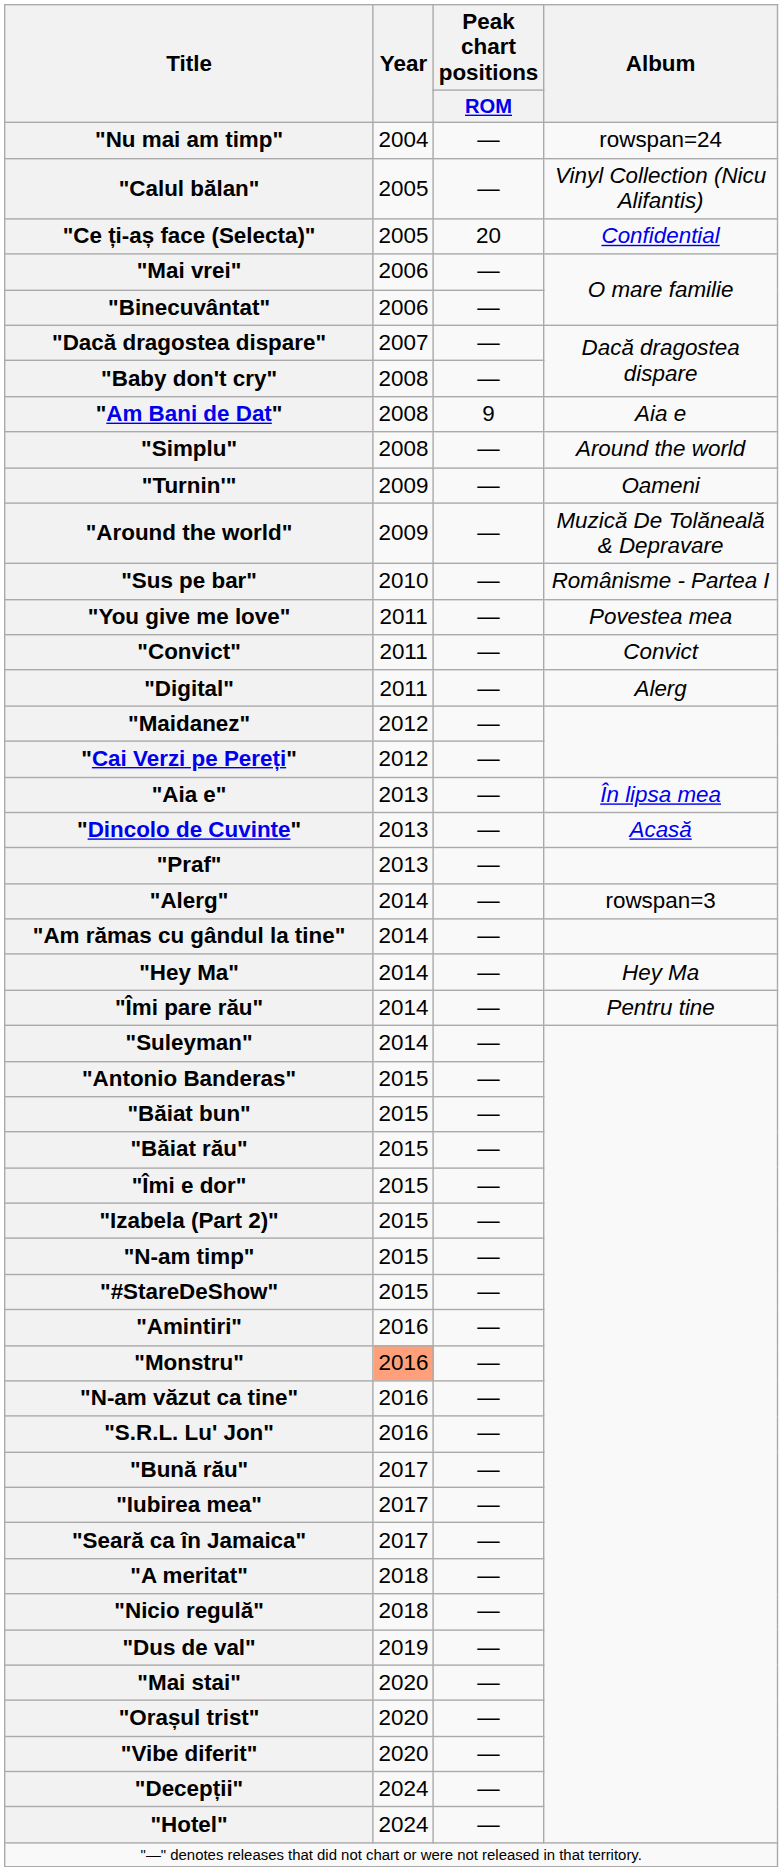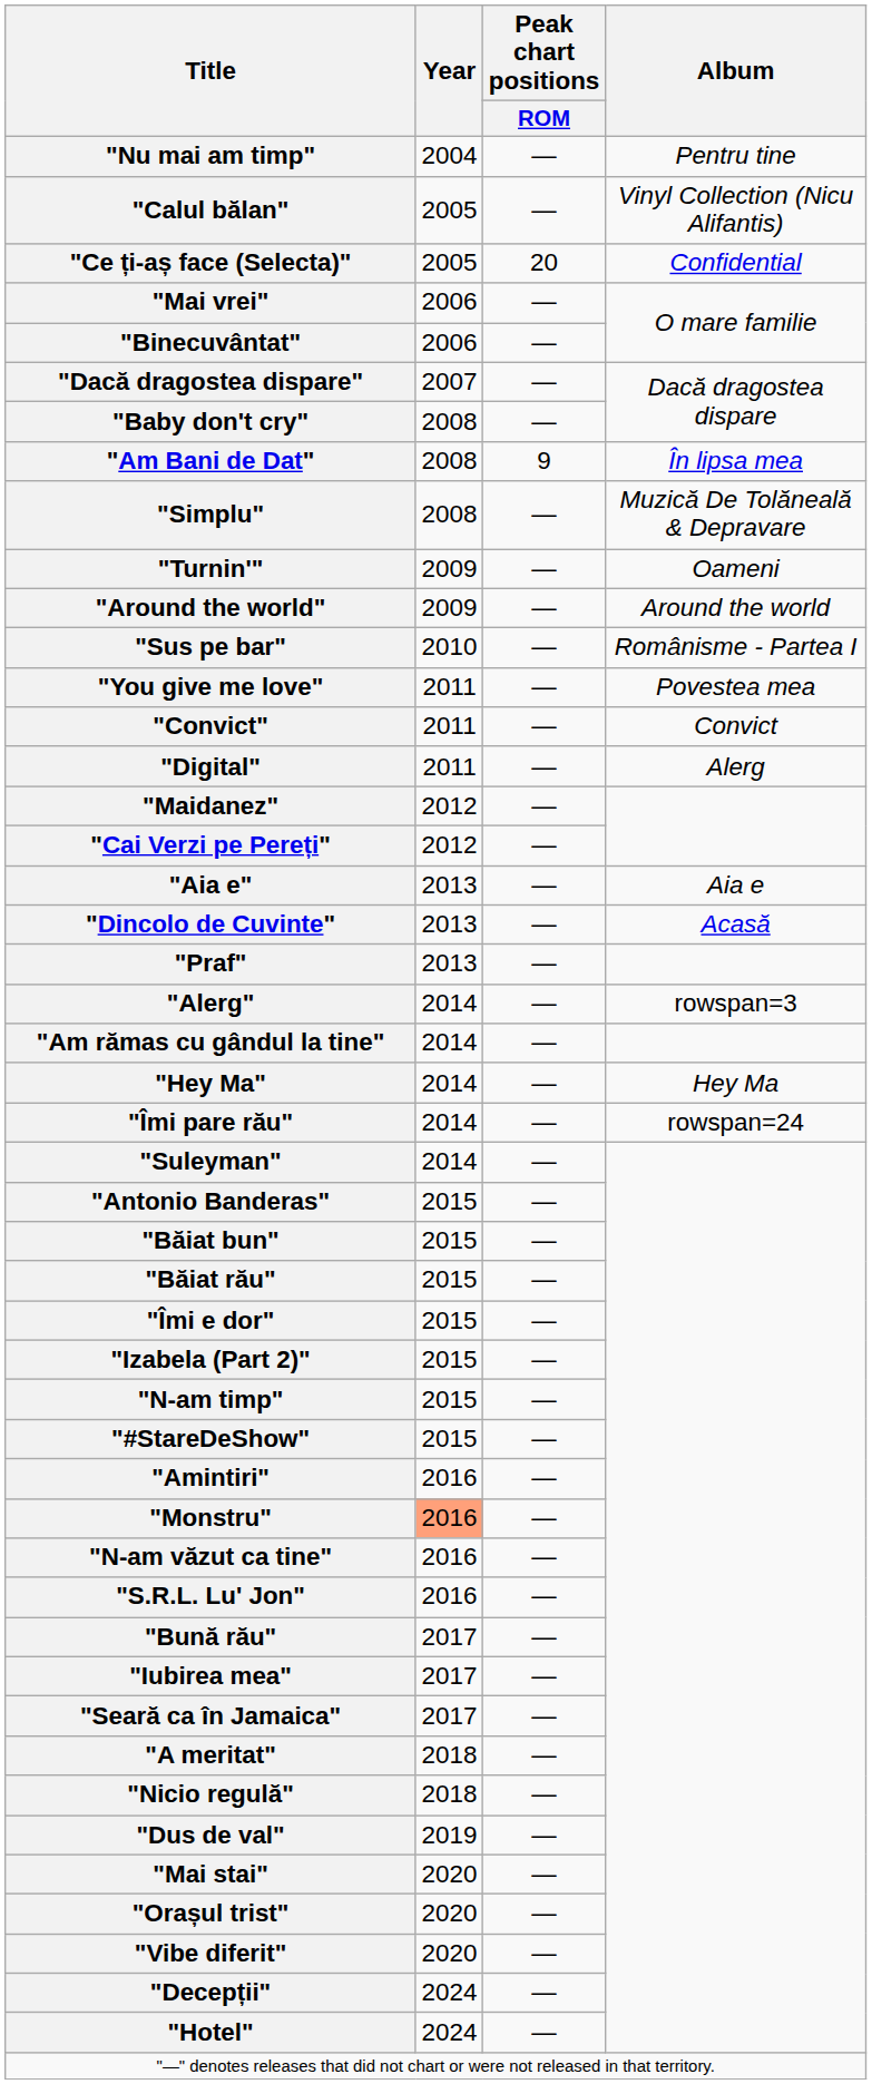 <table class="wikitable plainrowheaders" style="text-align:center;">
 <tr>
 <th scope="col" rowspan="2" style="width:16em;">Title</th>
 <th scope="col" rowspan="2">Year</th>
 <th scope="col" colspan="1">Peak chart positions</th>
 <th scope="col" rowspan="2" style="width:10em;">Album</th>
 </tr>
 <tr>
 <th scope="col" style="width:2.5em;font-size:90%;"><a href='#'>ROM</a></th>
 </tr>
 <tr>
 <th scope="row">"Nu mai am timp"<br></th>
 <td>2004</td>
 <td>—</td>
-<td>rowspan=24 </td>
+<td><em>Pentru tine</em></td>
 </tr>
 <tr>
 <th scope="row">"Calul bălan"<br></th>
 <td>2005</td>
 <td>—</td>
 <td><em>Vinyl Collection (Nicu Alifantis)</em></td>
 </tr>
 <tr>
 <th scope="row">"Ce ți-aș face (Selecta)"<br></th>
 <td>2005</td>
 <td>20</td>
 <td><em><a href='#'>Confidential</a></em></td>
 </tr>
 <tr>
 <th scope="row">"Mai vrei"<br></th>
 <td>2006</td>
 <td>—</td>
 <td rowspan=2><em>O mare familie</em></td>
 </tr>
 <tr>
 <th scope="row">"Binecuvântat"<br></th>
 <td>2006</td>
 <td>—</td>
 </tr>
 <tr>
 <th scope="row">"Dacă dragostea dispare"<br></th>
 <td>2007</td>
 <td>—</td>
 <td rowspan=2><em>Dacă dragostea dispare</em></td>
 </tr>
 <tr>
 <th scope="row">"Baby don't cry"<br></th>
 <td>2008</td>
 <td>—</td>
 </tr>
 <tr>
 <th scope="row">"<a href='#'>Am Bani de Dat</a>"<br></th>
 <td>2008</td>
 <td>9</td>
-<td><em>Aia e</em></td>
+<td><em><a href='#'>În lipsa mea</a></em></td>
 </tr>
 <tr>
 <th scope="row">"Simplu"<br></th>
 <td>2008</td>
 <td>—</td>
-<td><em>Around the world</em></td>
+<td><em>Muzică De Tolăneală & Depravare</em></td>
 </tr>
 <tr>
 <th scope="row">"Turnin'"<br></th>
 <td>2009</td>
 <td>—</td>
 <td><em>Oameni</em></td>
 </tr>
 <tr>
 <th scope="row">"Around the world"<br></th>
 <td>2009</td>
 <td>—</td>
-<td><em>Muzică De Tolăneală & Depravare</em></td>
+<td><em>Around the world</em></td>
 </tr>
 <tr>
 <th scope="row">"Sus pe bar"<br></th>
 <td>2010</td>
 <td>—</td>
 <td><em>Românisme - Partea I</em></td>
 </tr>
 <tr>
 <th scope="row">"You give me love"<br></th>
 <td>2011</td>
 <td>—</td>
 <td><em>Povestea mea</em></td>
 </tr>
 <tr>
 <th scope="row">"Convict"<br></th>
 <td>2011</td>
 <td>—</td>
 <td><em>Convict</em></td>
 </tr>
 <tr>
 <th scope="row">"Digital"<br></th>
 <td>2011</td>
 <td>—</td>
 <td><em>Alerg</em></td>
 </tr>
 <tr>
 <th scope="row">"Maidanez"<br></th>
 <td>2012</td>
 <td>—</td>
 </tr>
 <tr>
 <th scope="row">"<a href='#'>Cai Verzi pe Pereți</a>"<br></th>
 <td>2012</td>
 <td>—</td>
 </tr>
 <tr>
 <th scope="row">"Aia e"<br></th>
 <td>2013</td>
 <td>—</td>
-<td><em><a href='#'>În lipsa mea</a></em></td>
+<td><em>Aia e</em></td>
 </tr>
 <tr>
 <th scope="row">"<a href='#'>Dincolo de Cuvinte</a>"<br></th>
 <td>2013</td>
 <td>—</td>
 <td><em><a href='#'>Acasă</a></em></td>
 </tr>
 <tr>
 <th scope="row">"Praf"<br></th>
 <td>2013</td>
 <td>—</td>
 <td></td>
 </tr>
 <tr>
 <th scope="row">"Alerg"<br></th>
 <td>2014</td>
 <td>—</td>
 <td>rowspan=3 </td>
 </tr>
 <tr>
 <th scope="row">"Am rămas cu gândul la tine"<br></th>
 <td>2014</td>
 <td>—</td>
 <td></td>
 </tr>
 <tr>
 <th scope="row">"Hey Ma"<br></th>
 <td>2014</td>
 <td>—</td>
 <td><em>Hey Ma</em></td>
 </tr>
 <tr>
 <th scope="row">"Îmi pare rău"<br></th>
 <td>2014</td>
 <td>—</td>
-<td><em>Pentru tine</em></td>
+<td>rowspan=24 </td>
 </tr>
 <tr>
 <th scope="row">"Suleyman"<br></th>
 <td>2014</td>
 <td>—</td>
 </tr>
 <tr>
 <th scope="row">"Antonio Banderas"<br></th>
 <td>2015</td>
 <td>—</td>
 </tr>
 <tr>
 <th scope="row">"Băiat bun"<br></th>
 <td>2015</td>
 <td>—</td>
 </tr>
 <tr>
 <th scope="row">"Băiat rău"<br></th>
 <td>2015</td>
 <td>—</td>
 </tr>
 <tr>
 <th scope="row">"Îmi e dor"<br></th>
 <td>2015</td>
 <td>—</td>
 </tr>
 <tr>
 <th scope="row">"Izabela (Part 2)"<br></th>
 <td>2015</td>
 <td>—</td>
 </tr>
 <tr>
 <th scope="row">"N-am timp"<br></th>
 <td>2015</td>
 <td>—</td>
 </tr>
 <tr>
 <th scope="row">"#StareDeShow"<br></th>
 <td>2015</td>
 <td>—</td>
 </tr>
 <tr>
 <th scope="row">"Amintiri"<br></th>
 <td>2016</td>
 <td>—</td>
 </tr>
 <tr>
 <th scope="row">"Monstru"<br></th>
 <td style="background: lightsalmon;">2016</td>
 <td>—</td>
 </tr>
 <tr>
 <th scope="row">"N-am văzut ca tine"<br></th>
 <td>2016</td>
 <td>—</td>
 </tr>
 <tr>
 <th scope="row">"S.R.L. Lu' Jon"<br></th>
 <td>2016</td>
 <td>—</td>
 </tr>
 <tr>
 <th scope="row">"Bună rău"<br></th>
 <td>2017</td>
 <td>—</td>
 </tr>
 <tr>
 <th scope="row">"Iubirea mea"<br></th>
 <td>2017</td>
 <td>—</td>
 </tr>
 <tr>
 <th scope="row">"Seară ca în Jamaica"<br></th>
 <td>2017</td>
 <td>—</td>
 </tr>
 <tr>
 <th scope="row">"A meritat"<br></th>
 <td>2018</td>
 <td>—</td>
 </tr>
 <tr>
 <th scope="row">"Nicio regulă"<br></th>
 <td>2018</td>
 <td>—</td>
 </tr>
 <tr>
 <th scope="row">"Dus de val"<br></th>
 <td>2019</td>
 <td>—</td>
 </tr>
 <tr>
 <th scope="row">"Mai stai"<br></th>
 <td>2020</td>
 <td>—</td>
 </tr>
 <tr>
 <th scope="row">"Orașul trist"<br></th>
 <td>2020</td>
 <td>—</td>
 </tr>
 <tr>
 <th scope="row">"Vibe diferit"<br></th>
 <td>2020</td>
 <td>—</td>
 </tr>
 <tr>
 <th scope="row">"Decepții"<br></th>
 <td>2024</td>
 <td>—</td>
 </tr>
 <tr>
 <th scope="row">"Hotel"<br></th>
 <td>2024</td>
 <td>—</td>
 </tr>
 <tr>
 <td align="center" colspan="4" style="font-size:8pt">"—" denotes releases that did not chart or were not released in that territory.</td>
 </tr>
 </table>
